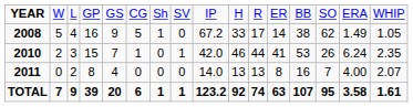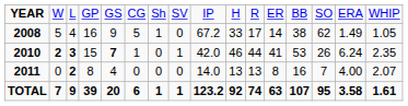 <table class="wikitable">
 <tr align=center>
 <td><strong>YEAR</strong></td>
 <td><a href='#'>W</a></td>
 <td><a href='#'>L</a></td>
 <td><a href='#'>GP</a></td>
 <td><a href='#'>GS</a></td>
 <td><a href='#'>CG</a></td>
 <td><a href='#'>Sh</a></td>
 <td><a href='#'>SV</a></td>
 <td><a href='#'>IP</a></td>
 <td><a href='#'>H</a></td>
 <td><a href='#'>R</a></td>
 <td><a href='#'>ER</a></td>
 <td><a href='#'>BB</a></td>
 <td><a href='#'>SO</a></td>
 <td><a href='#'>ERA</a></td>
 <td><a href='#'>WHIP</a></td>
 </tr>
 <tr align=center>
 <td><strong>2008</strong></td>
 <td>5</td>
 <td>4</td>
 <td>16</td>
 <td>9</td>
 <td>5</td>
 <td>1</td>
 <td>0</td>
 <td>67.2</td>
 <td>33</td>
 <td>17</td>
 <td>14</td>
 <td>38</td>
 <td>62</td>
 <td>1.49</td>
 <td>1.05</td>
 </tr>
 <tr align=center>
 <td><strong>2010</strong></td>
-<td>2</td>
-<td>3</td>
+<td><strong>2</strong></td>
+<td><strong>3</strong></td>
 <td>15</td>
-<td>7</td>
+<td><strong>7</strong></td>
 <td>1</td>
 <td>0</td>
 <td>1</td>
 <td>42.0</td>
 <td>46</td>
 <td>44</td>
 <td>41</td>
 <td>53</td>
 <td>26</td>
 <td>6.24</td>
 <td>2.35</td>
 </tr>
 <tr align=center>
 <td><strong>2011</strong></td>
 <td>0</td>
-<td>2</td>
+<td><strong>2</strong></td>
 <td>8</td>
 <td>4</td>
 <td>0</td>
 <td>0</td>
 <td>0</td>
 <td>14.0</td>
 <td>13</td>
 <td>13</td>
 <td>8</td>
 <td>16</td>
 <td>7</td>
 <td>4.00</td>
 <td>2.07</td>
 </tr>
 <tr align=center>
 <td><strong>TOTAL</strong></td>
 <td><strong>7</strong></td>
 <td><strong>9</strong></td>
 <td><strong>39</strong></td>
 <td><strong>20</strong></td>
 <td><strong>6</strong></td>
 <td><strong>1</strong></td>
 <td><strong>1</strong></td>
 <td><strong>123.2</strong></td>
 <td><strong>92</strong></td>
 <td><strong>74</strong></td>
 <td><strong>63</strong></td>
 <td><strong>107</strong></td>
 <td><strong>95</strong></td>
 <td><strong>3.58</strong></td>
 <td><strong>1.61</strong></td>
 </tr>
 </table>
